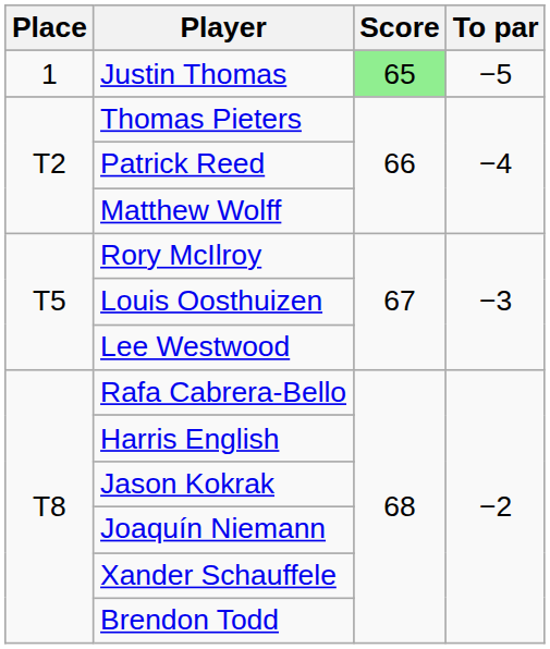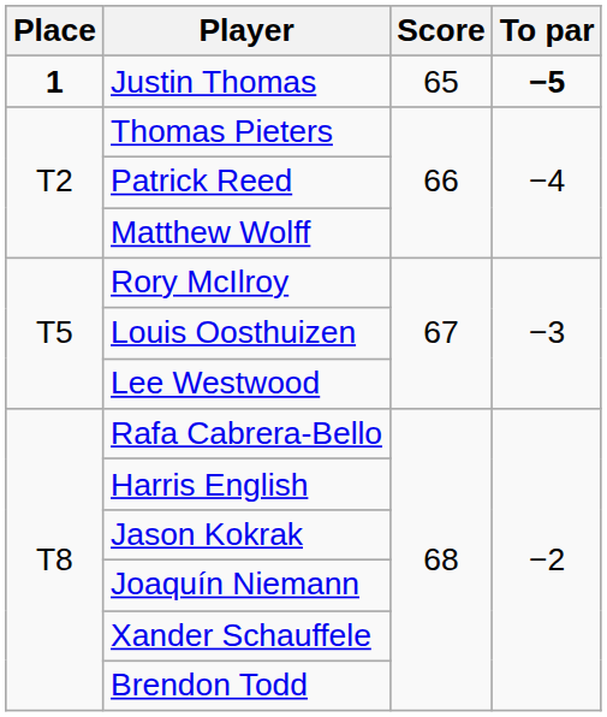 <table class="wikitable">
 <tr>
 <th>Place</th>
 <th>Player</th>
 <th>Score</th>
 <th>To par</th>
 </tr>
 <tr>
-<td align=center>1</td>
+<td align=center><strong>1</strong></td>
 <td> <a href='#'>Justin Thomas</a></td>
-<td align=center style="background: lightgreen;">65</td>
-<td align=center>−5</td>
+<td align=center>65</td>
+<td align=center><strong>−5</strong></td>
 </tr>
 <tr>
 <td rowspan=3 align=center>T2</td>
 <td> <a href='#'>Thomas Pieters</a></td>
 <td rowspan=3 align=center>66</td>
 <td rowspan=3 align=center>−4</td>
 </tr>
 <tr>
 <td> <a href='#'>Patrick Reed</a></td>
 </tr>
 <tr>
 <td> <a href='#'>Matthew Wolff</a></td>
 </tr>
 <tr>
 <td rowspan=3 align=center>T5</td>
 <td> <a href='#'>Rory McIlroy</a></td>
 <td rowspan=3 align=center>67</td>
 <td rowspan=3 align=center>−3</td>
 </tr>
 <tr>
 <td> <a href='#'>Louis Oosthuizen</a></td>
 </tr>
 <tr>
 <td> <a href='#'>Lee Westwood</a></td>
 </tr>
 <tr>
 <td rowspan=6 align=center>T8</td>
 <td> <a href='#'>Rafa Cabrera-Bello</a></td>
 <td rowspan=6 align=center>68</td>
 <td rowspan=6 align=center>−2</td>
 </tr>
 <tr>
 <td> <a href='#'>Harris English</a></td>
 </tr>
 <tr>
 <td> <a href='#'>Jason Kokrak</a></td>
 </tr>
 <tr>
 <td> <a href='#'>Joaquín Niemann</a></td>
 </tr>
 <tr>
 <td> <a href='#'>Xander Schauffele</a></td>
 </tr>
 <tr>
 <td> <a href='#'>Brendon Todd</a></td>
 </tr>
 </table>
